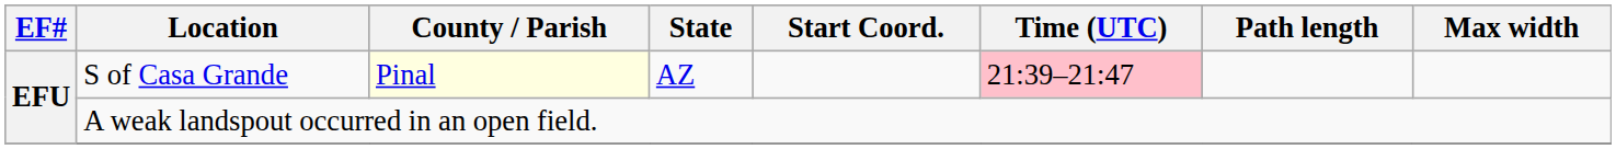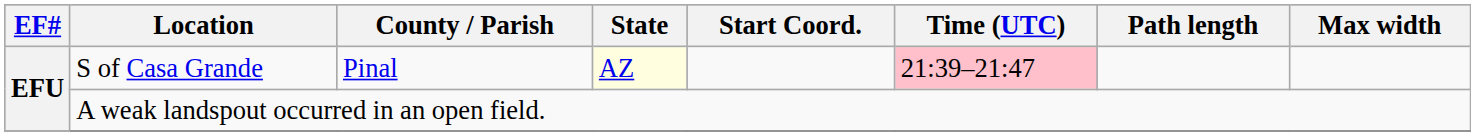 <table class="wikitable sortable" style="width:100%;">
 <tr>
 <th scope="col" width="2%" align="center"><a href='#'>EF#</a></th>
 <th scope="col" align="center" class="unsortable">Location</th>
 <th scope="col" align="center" class="unsortable">County / Parish</th>
 <th scope="col" align="center">State</th>
 <th scope="col" align="center">Start Coord.</th>
 <th scope="col" align="center">Time (<a href='#'>UTC</a>)</th>
 <th scope="col" align="center">Path length</th>
 <th scope="col" align="center">Max width</th>
 </tr>
 <tr>
 <th scope="row" rowspan="2" style="background-color:#">EFU</th>
 <td>S of <a href='#'>Casa Grande</a></td>
-<td style="background: lightyellow;"><a href='#'>Pinal</a></td>
-<td><a href='#'>AZ</a></td>
+<td><a href='#'>Pinal</a></td>
+<td style="background: lightyellow;"><a href='#'>AZ</a></td>
 <td></td>
 <td style="background: pink;">21:39–21:47</td>
 <td></td>
 <td></td>
 </tr>
 <tr class="expand-child">
 <td colspan="8" style=" border-bottom: 1px solid black;">A weak landspout occurred in an open field.</td>
 </tr>
 <tr>
 </tr>
 </table>
